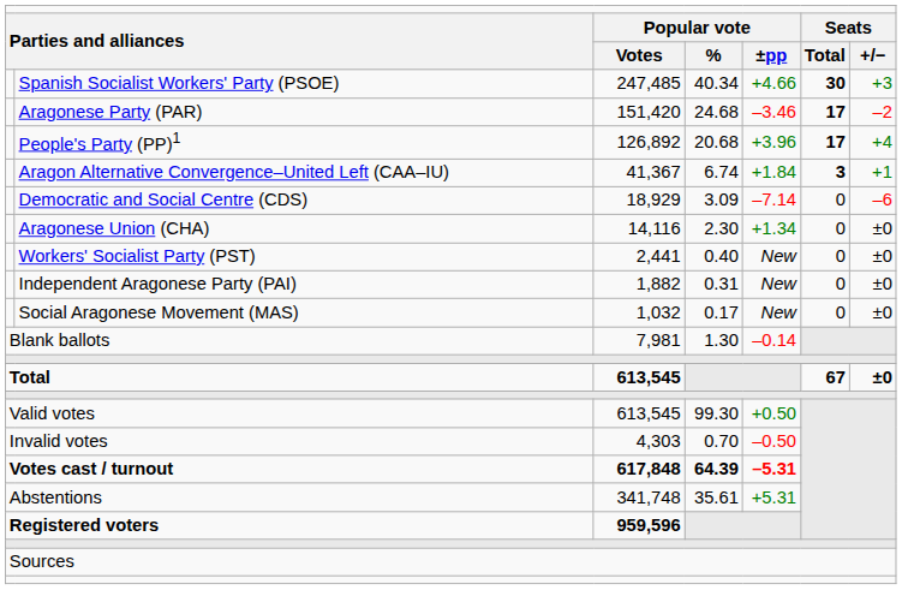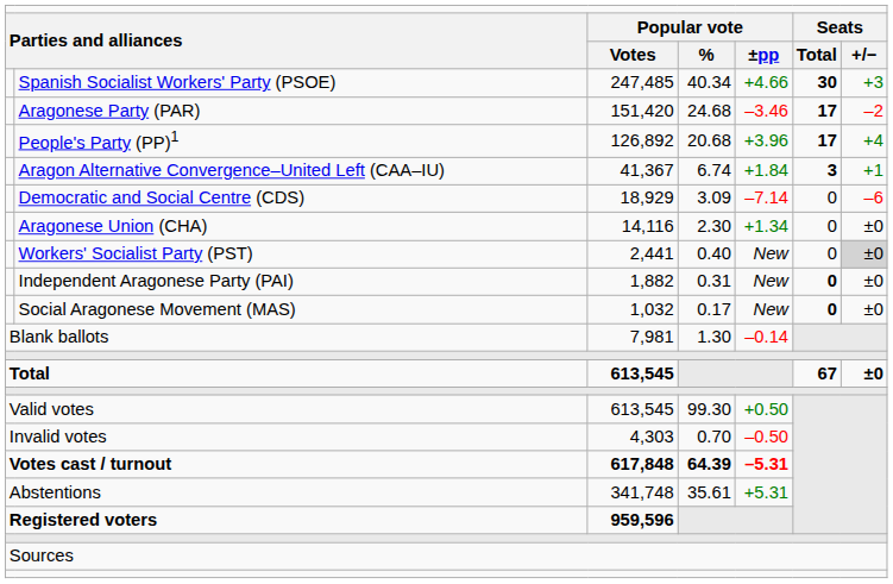 <table class="wikitable" style="text-align:right;">
 <tr>
 <td colspan="7"></td>
 </tr>
 <tr>
 <th style="text-align:left;" rowspan="2" colspan="2" width="525">Parties and alliances</th>
 <th colspan="3">Popular vote</th>
 <th colspan="2">Seats</th>
 </tr>
 <tr>
 <th width="75">Votes</th>
 <th width="45">%</th>
 <th width="45">±<a href='#'>pp</a></th>
 <th width="35">Total</th>
 <th width="35">+/−</th>
 </tr>
 <tr>
 <td width="1" style="color:inherit;background:"></td>
 <td align="left"><a href='#'>Spanish Socialist Workers' Party</a> (PSOE)</td>
 <td>247,485</td>
 <td>40.34</td>
 <td style="color:green;">+4.66</td>
 <td><strong>30</strong></td>
 <td style="color:green;">+3</td>
 </tr>
 <tr>
 <td style="color:inherit;background:"></td>
 <td align="left"><a href='#'>Aragonese Party</a> (PAR)</td>
 <td>151,420</td>
 <td>24.68</td>
 <td style="color:red;">–3.46</td>
 <td><strong>17</strong></td>
 <td style="color:red;">–2</td>
 </tr>
 <tr>
 <td style="color:inherit;background:"></td>
 <td align="left"><a href='#'>People's Party</a> (PP)<sup>1</sup></td>
 <td>126,892</td>
 <td>20.68</td>
 <td style="color:green;">+3.96</td>
 <td><strong>17</strong></td>
 <td style="color:green;">+4</td>
 </tr>
 <tr>
 <td style="color:inherit;background:"></td>
 <td align="left"><a href='#'>Aragon Alternative Convergence–United Left</a> (CAA–IU)</td>
 <td>41,367</td>
 <td>6.74</td>
 <td style="color:green;">+1.84</td>
 <td><strong>3</strong></td>
 <td style="color:green;">+1</td>
 </tr>
 <tr>
 <td style="color:inherit;background:"></td>
 <td align="left"><a href='#'>Democratic and Social Centre</a> (CDS)</td>
 <td>18,929</td>
 <td>3.09</td>
 <td style="color:red;">–7.14</td>
 <td>0</td>
 <td style="color:red;">–6</td>
 </tr>
 <tr>
 <td style="color:inherit;background:"></td>
 <td align="left"><a href='#'>Aragonese Union</a> (CHA)</td>
 <td>14,116</td>
 <td>2.30</td>
 <td style="color:green;">+1.34</td>
 <td>0</td>
 <td>±0</td>
 </tr>
 <tr>
 <td style="color:inherit;background:"></td>
 <td align="left"><a href='#'>Workers' Socialist Party</a> (PST)</td>
 <td>2,441</td>
 <td>0.40</td>
 <td><em>New</em></td>
 <td>0</td>
-<td>±0</td>
+<td style="background: lightgrey;">±0</td>
 </tr>
 <tr>
 <td style="color:inherit;background:"></td>
 <td align="left">Independent Aragonese Party (PAI)</td>
 <td>1,882</td>
 <td>0.31</td>
 <td><em>New</em></td>
-<td>0</td>
+<td><strong>0</strong></td>
 <td>±0</td>
 </tr>
 <tr>
 <td style="color:inherit;background:"></td>
 <td align="left">Social Aragonese Movement (MAS)</td>
 <td>1,032</td>
 <td>0.17</td>
 <td><em>New</em></td>
-<td>0</td>
+<td><strong>0</strong></td>
 <td>±0</td>
 </tr>
 <tr>
 <td align="left" colspan="2">Blank ballots</td>
 <td>7,981</td>
 <td>1.30</td>
 <td style="color:red;">–0.14</td>
 <td bgcolor="#E9E9E9" colspan="2"></td>
 </tr>
 <tr>
 <td colspan="7" bgcolor="#E9E9E9"></td>
 </tr>
 <tr style="font-weight:bold;">
 <td align="left" colspan="2">Total</td>
 <td>613,545</td>
 <td bgcolor="#E9E9E9" colspan="2"></td>
 <td>67</td>
 <td>±0</td>
 </tr>
 <tr>
 <td colspan="7" bgcolor="#E9E9E9"></td>
 </tr>
 <tr>
 <td align="left" colspan="2">Valid votes</td>
 <td>613,545</td>
 <td>99.30</td>
 <td style="color:green;">+0.50</td>
 <td bgcolor="#E9E9E9" colspan="2" rowspan="5"></td>
 </tr>
 <tr>
 <td align="left" colspan="2">Invalid votes</td>
 <td>4,303</td>
 <td>0.70</td>
 <td style="color:red;">–0.50</td>
 </tr>
 <tr style="font-weight:bold;">
 <td align="left" colspan="2">Votes cast / turnout</td>
 <td>617,848</td>
 <td>64.39</td>
 <td style="color:red;">–5.31</td>
 </tr>
 <tr>
 <td align="left" colspan="2">Abstentions</td>
 <td>341,748</td>
 <td>35.61</td>
 <td style="color:green;">+5.31</td>
 </tr>
 <tr style="font-weight:bold;">
 <td align="left" colspan="2">Registered voters</td>
 <td>959,596</td>
 <td bgcolor="#E9E9E9" colspan="2"></td>
 </tr>
 <tr>
 <td colspan="7" bgcolor="#E9E9E9"></td>
 </tr>
 <tr>
 <td align="left" colspan="7">Sources</td>
 </tr>
 <tr>
 <td colspan="7" style="text-align:left; max-width:790px;"></td>
 </tr>
 </table>
